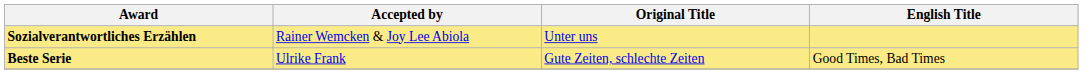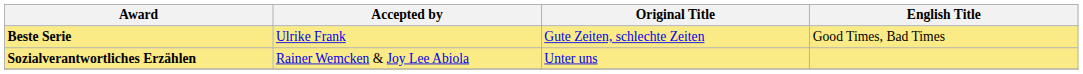 <table class="wikitable" width="100%">
 <tr bgcolor="#bebebe">
 <th width="25%">Award</th>
 <th width="25%">Accepted by</th>
 <th width="25%">Original Title</th>
 <th width="25%">English Title</th>
 </tr>
 <tr style="background:#FAEB86">
+<td><strong>Beste Serie</strong></td>
+<td><a href='#'>Ulrike Frank</a></td>
+<td><a href='#'>Gute Zeiten, schlechte Zeiten</a></td>
+<td>Good Times, Bad Times</td>
+</tr>
+<tr style="background:#FAEB86">
 <td><strong>Sozialverantwortliches Erzählen</strong></td>
 <td><a href='#'>Rainer Wemcken</a> & <a href='#'>Joy Lee Abiola</a></td>
 <td><a href='#'>Unter uns</a></td>
 <td></td>
 </tr>
-<tr style="background:#FAEB86">
-<td><strong>Beste Serie</strong></td>
-<td><a href='#'>Ulrike Frank</a></td>
-<td><a href='#'>Gute Zeiten, schlechte Zeiten</a></td>
-<td>Good Times, Bad Times</td>
-</tr>
 <tr>
 </tr>
 </table>
